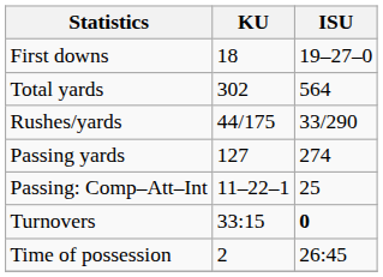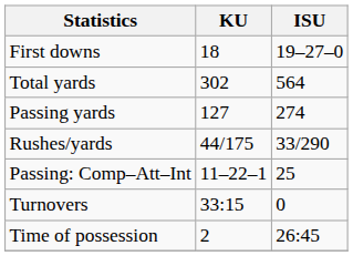 <table class="wikitable" style="float: left;">
 <tr>
 <th>Statistics</th>
 <th>KU</th>
 <th>ISU</th>
 </tr>
 <tr>
 <td>First downs</td>
 <td>18</td>
 <td>19–27–0</td>
 </tr>
 <tr>
 <td>Total yards</td>
 <td>302</td>
 <td>564</td>
 </tr>
 <tr>
+<td>Passing yards</td>
+<td>127</td>
+<td>274</td>
+</tr>
+<tr>
 <td>Rushes/yards</td>
 <td>44/175</td>
 <td>33/290</td>
-</tr>
-<tr>
-<td>Passing yards</td>
-<td>127</td>
-<td>274</td>
 </tr>
 <tr>
 <td>Passing: Comp–Att–Int</td>
 <td>11–22–1</td>
 <td>25</td>
 </tr>
 <tr>
 <td>Turnovers</td>
 <td>33:15</td>
-<td><strong>0</strong></td>
+<td>0</td>
 </tr>
 <tr>
 <td>Time of possession</td>
 <td>2</td>
 <td>26:45</td>
 </tr>
 <tr>
 </tr>
 </table>
